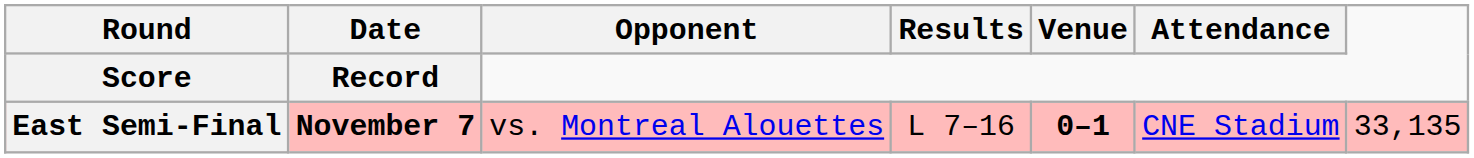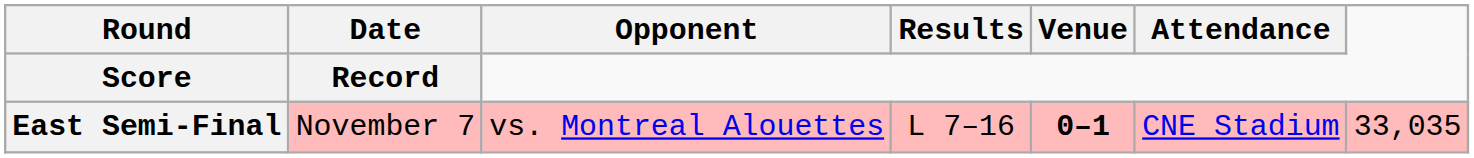 <table class="wikitable" style="text-align:center">
 <tr>
 <th>Round</th>
 <th>Date</th>
 <th>Opponent</th>
 <th>Results</th>
 <th>Venue</th>
 <th>Attendance</th>
 </tr>
 <tr>
 <th>Score</th>
 <th>Record</th>
 </tr>
 <tr style="background:#ffbbbb">
 <th>East Semi-Final</th>
-<td><strong>November 7</strong></td>
+<td>November 7</td>
 <td>vs. <a href='#'>Montreal Alouettes</a></td>
 <td>L 7–16</td>
 <td><strong>0–1</strong></td>
 <td><a href='#'>CNE Stadium</a></td>
-<td>33,135</td>
+<td>33,035</td>
 </tr>
 </table>
